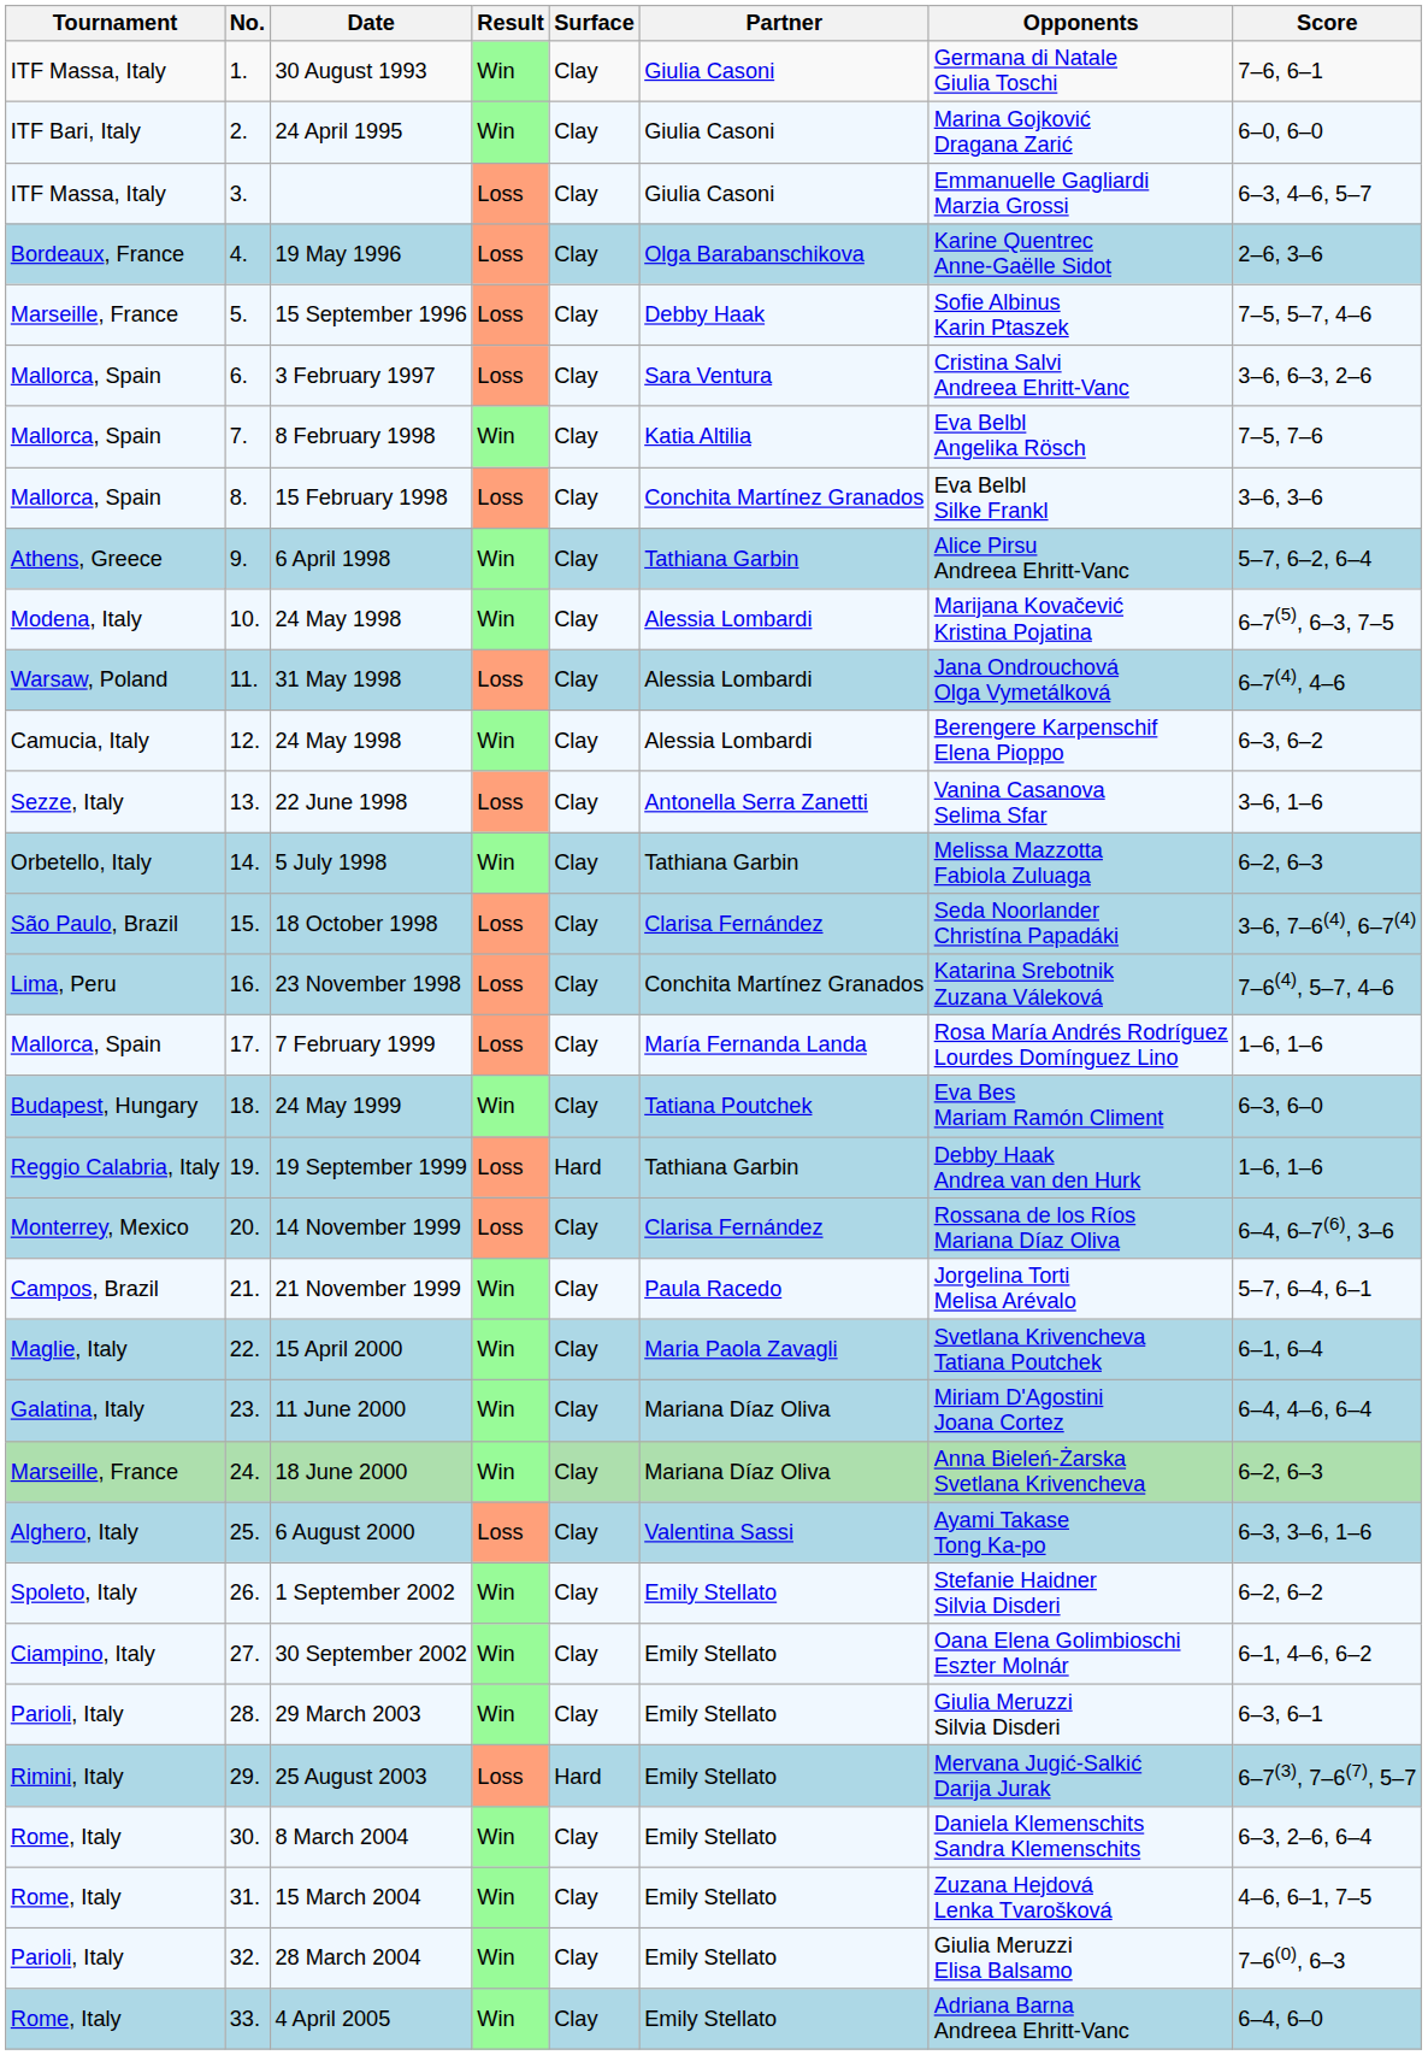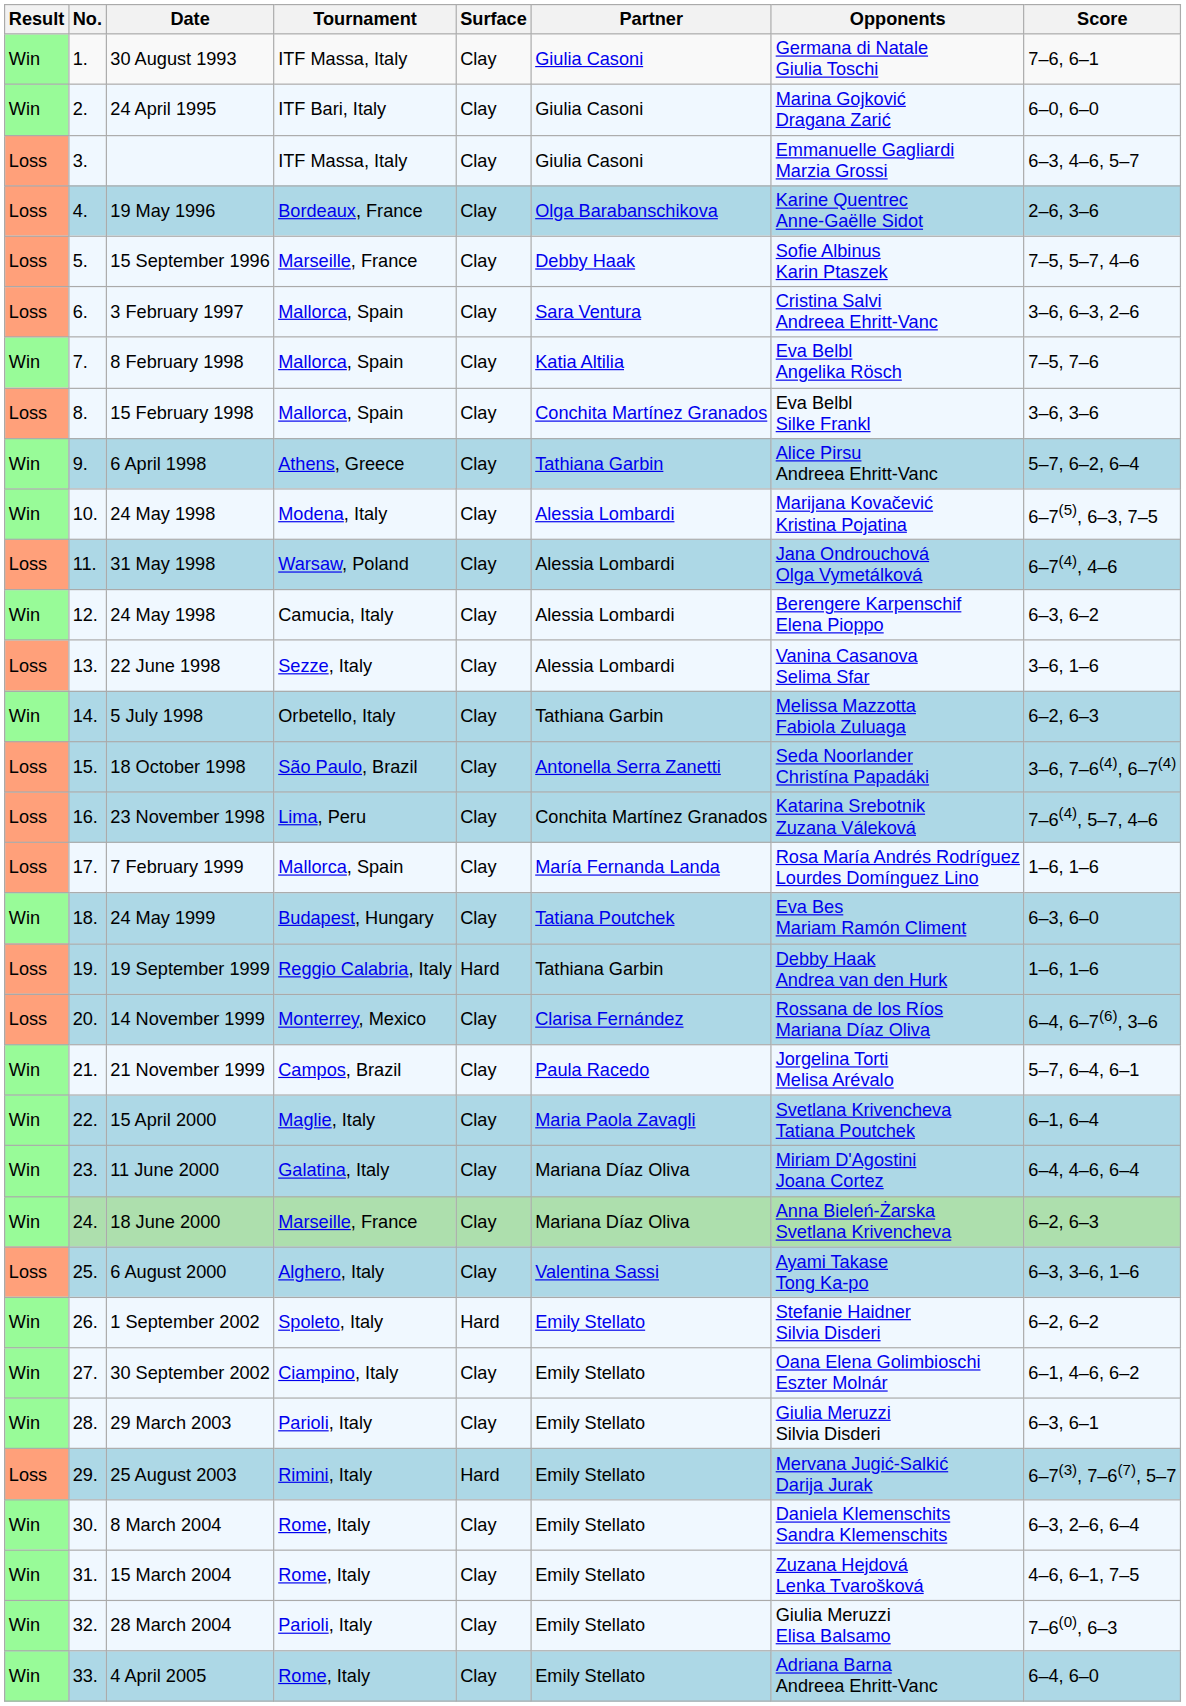 <table class="sortable wikitable" style="font-size:97%;">
 <tr>
-<th>Tournament</th>
+<th>Result</th>
 <th>No.</th>
 <th>Date</th>
-<th>Result</th>
+<th>Tournament</th>
 <th>Surface</th>
 <th>Partner</th>
 <th>Opponents</th>
 <th class="unsortable">Score</th>
 </tr>
 <tr>
-<td>ITF Massa, Italy</td>
+<td style="background:#98fb98;">Win</td>
 <td>1.</td>
 <td>30 August 1993</td>
-<td style="background:#98fb98;">Win</td>
+<td>ITF Massa, Italy</td>
 <td>Clay</td>
 <td> <a href='#'>Giulia Casoni</a></td>
 <td> <a href='#'>Germana di Natale</a> <br>  <a href='#'>Giulia Toschi</a></td>
 <td>7–6, 6–1</td>
 </tr>
 <tr style="background:#f0f8ff;">
-<td>ITF Bari, Italy</td>
+<td style="background:#98fb98;">Win</td>
 <td>2.</td>
 <td>24 April 1995</td>
-<td style="background:#98fb98;">Win</td>
+<td>ITF Bari, Italy</td>
 <td>Clay</td>
 <td> Giulia Casoni</td>
 <td> <a href='#'>Marina Gojković</a> <br>  <a href='#'>Dragana Zarić</a></td>
 <td>6–0, 6–0</td>
 </tr>
 <tr style="background:#f0f8ff;">
-<td>ITF Massa, Italy</td>
+<td style="background:#ffa07a;">Loss</td>
 <td>3.</td>
 <td></td>
-<td style="background:#ffa07a;">Loss</td>
+<td>ITF Massa, Italy</td>
 <td>Clay</td>
 <td> Giulia Casoni</td>
 <td> <a href='#'>Emmanuelle Gagliardi</a> <br>  <a href='#'>Marzia Grossi</a></td>
 <td>6–3, 4–6, 5–7</td>
 </tr>
 <tr style="background:lightblue;">
-<td><a href='#'>Bordeaux</a>, France</td>
+<td style="background:#ffa07a;">Loss</td>
 <td>4.</td>
 <td>19 May 1996</td>
-<td style="background:#ffa07a;">Loss</td>
+<td><a href='#'>Bordeaux</a>, France</td>
 <td>Clay</td>
 <td> <a href='#'>Olga Barabanschikova</a></td>
 <td> <a href='#'>Karine Quentrec</a> <br>  <a href='#'>Anne-Gaëlle Sidot</a></td>
 <td>2–6, 3–6</td>
 </tr>
 <tr style="background:#f0f8ff;">
-<td><a href='#'>Marseille</a>, France</td>
+<td style="background:#ffa07a;">Loss</td>
 <td>5.</td>
 <td>15 September 1996</td>
-<td style="background:#ffa07a;">Loss</td>
+<td><a href='#'>Marseille</a>, France</td>
 <td>Clay</td>
 <td> <a href='#'>Debby Haak</a></td>
 <td> <a href='#'>Sofie Albinus</a> <br>  <a href='#'>Karin Ptaszek</a></td>
 <td>7–5, 5–7, 4–6</td>
 </tr>
 <tr style="background:#f0f8ff;">
-<td><a href='#'>Mallorca</a>, Spain</td>
+<td style="background:#ffa07a;">Loss</td>
 <td>6.</td>
 <td>3 February 1997</td>
-<td style="background:#ffa07a;">Loss</td>
+<td><a href='#'>Mallorca</a>, Spain</td>
 <td>Clay</td>
 <td> <a href='#'>Sara Ventura</a></td>
 <td> <a href='#'>Cristina Salvi</a> <br>  <a href='#'>Andreea Ehritt-Vanc</a></td>
 <td>3–6, 6–3, 2–6</td>
 </tr>
 <tr style="background:#f0f8ff;">
-<td><a href='#'>Mallorca</a>, Spain</td>
+<td style="background:#98fb98;">Win</td>
 <td>7.</td>
 <td>8 February 1998</td>
-<td style="background:#98fb98;">Win</td>
+<td><a href='#'>Mallorca</a>, Spain</td>
 <td>Clay</td>
 <td> <a href='#'>Katia Altilia</a></td>
 <td> <a href='#'>Eva Belbl</a> <br>  <a href='#'>Angelika Rösch</a></td>
 <td>7–5, 7–6</td>
 </tr>
 <tr bgcolor="#f0f8ff">
-<td><a href='#'>Mallorca</a>, Spain</td>
+<td style="background:#ffa07a;">Loss</td>
 <td>8.</td>
 <td>15 February 1998</td>
-<td style="background:#ffa07a;">Loss</td>
+<td><a href='#'>Mallorca</a>, Spain</td>
 <td>Clay</td>
 <td> <a href='#'>Conchita Martínez Granados</a></td>
 <td> Eva Belbl <br>  <a href='#'>Silke Frankl</a></td>
 <td>3–6, 3–6</td>
 </tr>
 <tr style="background:lightblue;">
-<td><a href='#'>Athens</a>, Greece</td>
+<td style="background:#98fb98;">Win</td>
 <td>9.</td>
 <td>6 April 1998</td>
-<td style="background:#98fb98;">Win</td>
+<td><a href='#'>Athens</a>, Greece</td>
 <td>Clay</td>
 <td> <a href='#'>Tathiana Garbin</a></td>
 <td> <a href='#'>Alice Pirsu</a> <br>  Andreea Ehritt-Vanc</td>
 <td>5–7, 6–2, 6–4</td>
 </tr>
 <tr style="background:#f0f8ff;">
-<td><a href='#'>Modena</a>, Italy</td>
+<td style="background:#98fb98;">Win</td>
 <td>10.</td>
 <td>24 May 1998</td>
-<td style="background:#98fb98;">Win</td>
+<td><a href='#'>Modena</a>, Italy</td>
 <td>Clay</td>
 <td> <a href='#'>Alessia Lombardi</a></td>
 <td> <a href='#'>Marijana Kovačević</a> <br>  <a href='#'>Kristina Pojatina</a></td>
 <td>6–7<sup>(5)</sup>, 6–3, 7–5</td>
 </tr>
 <tr style="background:lightblue;">
-<td><a href='#'>Warsaw</a>, Poland</td>
+<td style="background:#ffa07a;">Loss</td>
 <td>11.</td>
 <td>31 May 1998</td>
-<td style="background:#ffa07a;">Loss</td>
+<td><a href='#'>Warsaw</a>, Poland</td>
 <td>Clay</td>
 <td> Alessia Lombardi</td>
 <td> <a href='#'>Jana Ondrouchová</a> <br>  <a href='#'>Olga Vymetálková</a></td>
 <td>6–7<sup>(4)</sup>, 4–6</td>
 </tr>
 <tr style="background:#f0f8ff;">
-<td>Camucia, Italy</td>
+<td style="background:#98fb98;">Win</td>
 <td>12.</td>
 <td>24 May 1998</td>
-<td style="background:#98fb98;">Win</td>
+<td>Camucia, Italy</td>
 <td>Clay</td>
 <td> Alessia Lombardi</td>
 <td> <a href='#'>Berengere Karpenschif</a> <br>  <a href='#'>Elena Pioppo</a></td>
 <td>6–3, 6–2</td>
 </tr>
 <tr style="background:#f0f8ff;">
-<td><a href='#'>Sezze</a>, Italy</td>
+<td style="background:#ffa07a;">Loss</td>
 <td>13.</td>
 <td>22 June 1998</td>
-<td style="background:#ffa07a;">Loss</td>
+<td><a href='#'>Sezze</a>, Italy</td>
 <td>Clay</td>
-<td> <a href='#'>Antonella Serra Zanetti</a></td>
+<td> Alessia Lombardi</td>
 <td> <a href='#'>Vanina Casanova</a> <br>  <a href='#'>Selima Sfar</a></td>
 <td>3–6, 1–6</td>
 </tr>
 <tr style="background:lightblue;">
-<td>Orbetello, Italy</td>
+<td style="background:#98fb98;">Win</td>
 <td>14.</td>
 <td>5 July 1998</td>
-<td style="background:#98fb98;">Win</td>
+<td>Orbetello, Italy</td>
 <td>Clay</td>
 <td> Tathiana Garbin</td>
 <td> <a href='#'>Melissa Mazzotta</a> <br>  <a href='#'>Fabiola Zuluaga</a></td>
 <td>6–2, 6–3</td>
 </tr>
 <tr style="background:lightblue;">
-<td><a href='#'>São Paulo</a>, Brazil</td>
+<td style="background:#ffa07a;">Loss</td>
 <td>15.</td>
 <td>18 October 1998</td>
-<td style="background:#ffa07a;">Loss</td>
+<td><a href='#'>São Paulo</a>, Brazil</td>
 <td>Clay</td>
-<td> <a href='#'>Clarisa Fernández</a></td>
+<td> <a href='#'>Antonella Serra Zanetti</a></td>
 <td> <a href='#'>Seda Noorlander</a> <br>  <a href='#'>Christína Papadáki</a></td>
 <td>3–6, 7–6<sup>(4)</sup>, 6–7<sup>(4)</sup></td>
 </tr>
 <tr style="background:lightblue;">
-<td><a href='#'>Lima</a>, Peru</td>
+<td style="background:#ffa07a;">Loss</td>
 <td>16.</td>
 <td>23 November 1998</td>
-<td style="background:#ffa07a;">Loss</td>
+<td><a href='#'>Lima</a>, Peru</td>
 <td>Clay</td>
 <td> Conchita Martínez Granados</td>
 <td> <a href='#'>Katarina Srebotnik</a> <br>  <a href='#'>Zuzana Váleková</a></td>
 <td>7–6<sup>(4)</sup>, 5–7, 4–6</td>
 </tr>
 <tr style="background:#f0f8ff;">
-<td><a href='#'>Mallorca</a>, Spain</td>
+<td style="background:#ffa07a;">Loss</td>
 <td>17.</td>
 <td>7 February 1999</td>
-<td style="background:#ffa07a;">Loss</td>
+<td><a href='#'>Mallorca</a>, Spain</td>
 <td>Clay</td>
 <td> <a href='#'>María Fernanda Landa</a></td>
 <td> <a href='#'>Rosa María Andrés Rodríguez</a> <br>  <a href='#'>Lourdes Domínguez Lino</a></td>
 <td>1–6, 1–6</td>
 </tr>
 <tr style="background:lightblue;">
-<td><a href='#'>Budapest</a>, Hungary</td>
+<td style="background:#98fb98;">Win</td>
 <td>18.</td>
 <td>24 May 1999</td>
-<td style="background:#98fb98;">Win</td>
+<td><a href='#'>Budapest</a>, Hungary</td>
 <td>Clay</td>
 <td> <a href='#'>Tatiana Poutchek</a></td>
 <td> <a href='#'>Eva Bes</a> <br>  <a href='#'>Mariam Ramón Climent</a></td>
 <td>6–3, 6–0</td>
 </tr>
 <tr style="background:lightblue;">
-<td><a href='#'>Reggio Calabria</a>, Italy</td>
+<td style="background:#ffa07a;">Loss</td>
 <td>19.</td>
 <td>19 September 1999</td>
-<td style="background:#ffa07a;">Loss</td>
+<td><a href='#'>Reggio Calabria</a>, Italy</td>
 <td>Hard</td>
 <td> Tathiana Garbin</td>
 <td> <a href='#'>Debby Haak</a> <br>  <a href='#'>Andrea van den Hurk</a></td>
 <td>1–6, 1–6</td>
 </tr>
 <tr style="background:lightblue;">
-<td><a href='#'>Monterrey</a>, Mexico</td>
+<td style="background:#ffa07a;">Loss</td>
 <td>20.</td>
 <td>14 November 1999</td>
-<td style="background:#ffa07a;">Loss</td>
+<td><a href='#'>Monterrey</a>, Mexico</td>
 <td>Clay</td>
 <td> <a href='#'>Clarisa Fernández</a></td>
 <td> <a href='#'>Rossana de los Ríos</a> <br>  <a href='#'>Mariana Díaz Oliva</a></td>
 <td>6–4, 6–7<sup>(6)</sup>, 3–6</td>
 </tr>
 <tr style="background:#f0f8ff;">
-<td><a href='#'>Campos</a>, Brazil</td>
+<td style="background:#98fb98;">Win</td>
 <td>21.</td>
 <td>21 November 1999</td>
-<td style="background:#98fb98;">Win</td>
+<td><a href='#'>Campos</a>, Brazil</td>
 <td>Clay</td>
 <td> <a href='#'>Paula Racedo</a></td>
 <td> <a href='#'>Jorgelina Torti</a> <br>  <a href='#'>Melisa Arévalo</a></td>
 <td>5–7, 6–4, 6–1</td>
 </tr>
 <tr style="background:lightblue;">
-<td><a href='#'>Maglie</a>, Italy</td>
+<td style="background:#98fb98;">Win</td>
 <td>22.</td>
 <td>15 April 2000</td>
-<td style="background:#98fb98;">Win</td>
+<td><a href='#'>Maglie</a>, Italy</td>
 <td>Clay</td>
 <td> <a href='#'>Maria Paola Zavagli</a></td>
 <td> <a href='#'>Svetlana Krivencheva</a> <br>  <a href='#'>Tatiana Poutchek</a></td>
 <td>6–1, 6–4</td>
 </tr>
 <tr style="background:lightblue;">
-<td><a href='#'>Galatina</a>, Italy</td>
+<td style="background:#98fb98;">Win</td>
 <td>23.</td>
 <td>11 June 2000</td>
-<td style="background:#98fb98;">Win</td>
+<td><a href='#'>Galatina</a>, Italy</td>
 <td>Clay</td>
 <td> Mariana Díaz Oliva</td>
 <td> <a href='#'>Miriam D'Agostini</a> <br>  <a href='#'>Joana Cortez</a></td>
 <td>6–4, 4–6, 6–4</td>
 </tr>
 <tr style="background:#addfad">
-<td><a href='#'>Marseille</a>, France</td>
+<td style="background:#98fb98;">Win</td>
 <td>24.</td>
 <td>18 June 2000</td>
-<td style="background:#98fb98;">Win</td>
+<td><a href='#'>Marseille</a>, France</td>
 <td>Clay</td>
 <td> Mariana Díaz Oliva</td>
 <td> <a href='#'>Anna Bieleń-Żarska</a> <br>  <a href='#'>Svetlana Krivencheva</a></td>
 <td>6–2, 6–3</td>
 </tr>
 <tr style="background:lightblue;">
-<td><a href='#'>Alghero</a>, Italy</td>
+<td style="background:#ffa07a;">Loss</td>
 <td>25.</td>
 <td>6 August 2000</td>
-<td style="background:#ffa07a;">Loss</td>
+<td><a href='#'>Alghero</a>, Italy</td>
 <td>Clay</td>
 <td> <a href='#'>Valentina Sassi</a></td>
 <td> <a href='#'>Ayami Takase</a> <br>  <a href='#'>Tong Ka-po</a></td>
 <td>6–3, 3–6, 1–6</td>
 </tr>
 <tr style="background:#f0f8ff;">
-<td><a href='#'>Spoleto</a>, Italy</td>
+<td style="background:#98fb98;">Win</td>
 <td>26.</td>
 <td>1 September 2002</td>
-<td style="background:#98fb98;">Win</td>
-<td>Clay</td>
+<td><a href='#'>Spoleto</a>, Italy</td>
+<td>Hard</td>
 <td> <a href='#'>Emily Stellato</a></td>
 <td> <a href='#'>Stefanie Haidner</a> <br>  <a href='#'>Silvia Disderi</a></td>
 <td>6–2, 6–2</td>
 </tr>
 <tr style="background:#f0f8ff;">
-<td><a href='#'>Ciampino</a>, Italy</td>
+<td style="background:#98fb98;">Win</td>
 <td>27.</td>
 <td>30 September 2002</td>
-<td style="background:#98fb98;">Win</td>
+<td><a href='#'>Ciampino</a>, Italy</td>
 <td>Clay</td>
 <td> Emily Stellato</td>
 <td> <a href='#'>Oana Elena Golimbioschi</a> <br>  <a href='#'>Eszter Molnár</a></td>
 <td>6–1, 4–6, 6–2</td>
 </tr>
 <tr style="background:#f0f8ff;">
-<td><a href='#'>Parioli</a>, Italy</td>
+<td style="background:#98fb98;">Win</td>
 <td>28.</td>
 <td>29 March 2003</td>
-<td style="background:#98fb98;">Win</td>
+<td><a href='#'>Parioli</a>, Italy</td>
 <td>Clay</td>
 <td> Emily Stellato</td>
 <td> <a href='#'>Giulia Meruzzi</a> <br>  Silvia Disderi</td>
 <td>6–3, 6–1</td>
 </tr>
 <tr style="background:lightblue;">
-<td><a href='#'>Rimini</a>, Italy</td>
+<td style="background:#ffa07a;">Loss</td>
 <td>29.</td>
 <td>25 August 2003</td>
-<td style="background:#ffa07a;">Loss</td>
+<td><a href='#'>Rimini</a>, Italy</td>
 <td>Hard</td>
 <td> Emily Stellato</td>
 <td> <a href='#'>Mervana Jugić-Salkić</a> <br>  <a href='#'>Darija Jurak</a></td>
 <td>6–7<sup>(3)</sup>, 7–6<sup>(7)</sup>, 5–7</td>
 </tr>
 <tr style="background:#f0f8ff;">
-<td><a href='#'>Rome</a>, Italy</td>
+<td style="background:#98fb98;">Win</td>
 <td>30.</td>
 <td>8 March 2004</td>
-<td style="background:#98fb98;">Win</td>
+<td><a href='#'>Rome</a>, Italy</td>
 <td>Clay</td>
 <td> Emily Stellato</td>
 <td> <a href='#'>Daniela Klemenschits</a> <br>  <a href='#'>Sandra Klemenschits</a></td>
 <td>6–3, 2–6, 6–4</td>
 </tr>
 <tr style="background:#f0f8ff;">
-<td><a href='#'>Rome</a>, Italy</td>
+<td style="background:#98fb98;">Win</td>
 <td>31.</td>
 <td>15 March 2004</td>
-<td style="background:#98fb98;">Win</td>
+<td><a href='#'>Rome</a>, Italy</td>
 <td>Clay</td>
 <td> Emily Stellato</td>
 <td> <a href='#'>Zuzana Hejdová</a> <br>  <a href='#'>Lenka Tvarošková</a></td>
 <td>4–6, 6–1, 7–5</td>
 </tr>
 <tr style="background:#f0f8ff;">
-<td><a href='#'>Parioli</a>, Italy</td>
+<td style="background:#98fb98;">Win</td>
 <td>32.</td>
 <td>28 March 2004</td>
-<td style="background:#98fb98;">Win</td>
+<td><a href='#'>Parioli</a>, Italy</td>
 <td>Clay</td>
 <td> Emily Stellato</td>
 <td> Giulia Meruzzi <br>  <a href='#'>Elisa Balsamo</a></td>
 <td>7–6<sup>(0)</sup>, 6–3</td>
 </tr>
 <tr style="background:lightblue;">
-<td><a href='#'>Rome</a>, Italy</td>
+<td style="background:#98fb98;">Win</td>
 <td>33.</td>
 <td>4 April 2005</td>
-<td style="background:#98fb98;">Win</td>
+<td><a href='#'>Rome</a>, Italy</td>
 <td>Clay</td>
 <td> Emily Stellato</td>
 <td> <a href='#'>Adriana Barna</a> <br>  Andreea Ehritt-Vanc</td>
 <td>6–4, 6–0</td>
 </tr>
 </table>
